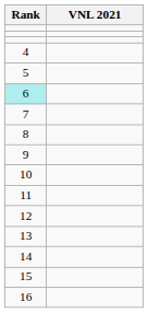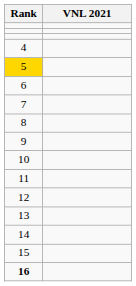 <table class="wikitable sortable" style="font-size:85%; text-align:center;">
 <tr>
 <th width=40>Rank</th>
 <th width=100>VNL 2021</th>
 </tr>
 <tr>
 <td></td>
 <td style="text-align:left"></td>
 </tr>
 <tr>
 <td></td>
 <td style="text-align:left"></td>
 </tr>
 <tr>
 <td></td>
 <td style="text-align:left"></td>
 </tr>
 <tr>
 <td>4</td>
 <td style="text-align:left"></td>
 </tr>
 <tr>
-<td>5</td>
+<td style="background: gold;">5</td>
 <td style="text-align:left"></td>
 </tr>
 <tr>
-<td style="background: paleturquoise;">6</td>
+<td>6</td>
 <td style="text-align:left"></td>
 </tr>
 <tr>
 <td>7</td>
 <td style="text-align:left"></td>
 </tr>
 <tr>
 <td>8</td>
 <td style="text-align:left"></td>
 </tr>
 <tr>
 <td>9</td>
 <td style="text-align:left"></td>
 </tr>
 <tr>
 <td>10</td>
 <td style="text-align:left"></td>
 </tr>
 <tr>
 <td>11</td>
 <td style="text-align:left"></td>
 </tr>
 <tr>
 <td>12</td>
 <td style="text-align:left"></td>
 </tr>
 <tr>
 <td>13</td>
 <td style="text-align:left"></td>
 </tr>
 <tr>
 <td>14</td>
 <td style="text-align:left"></td>
 </tr>
 <tr>
 <td>15</td>
 <td style="text-align:left"></td>
 </tr>
 <tr>
-<td>16</td>
+<td><strong>16</strong></td>
 <td style="text-align:left"></td>
 </tr>
 </table>
